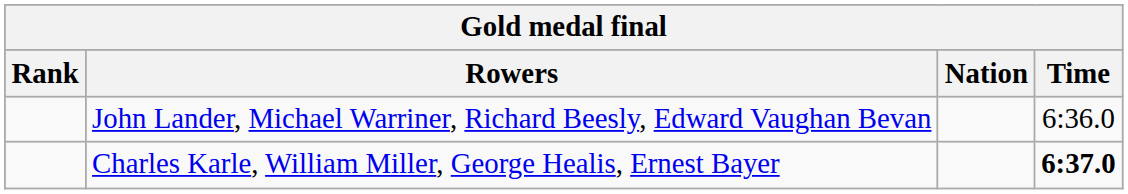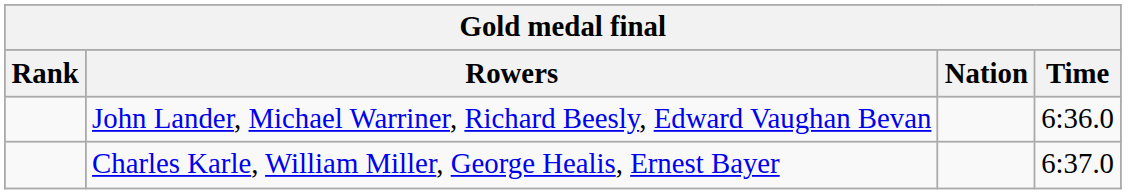 <table class="wikitable" style="text-align:center">
 <tr>
 <th colspan=4 align=center><strong>Gold medal final</strong></th>
 </tr>
 <tr>
 <th>Rank</th>
 <th>Rowers</th>
 <th>Nation</th>
 <th>Time</th>
 </tr>
 <tr>
 <td></td>
 <td align=left><a href='#'>John Lander</a>, <a href='#'>Michael Warriner</a>, <a href='#'>Richard Beesly</a>, <a href='#'>Edward Vaughan Bevan</a></td>
 <td align=left></td>
 <td>6:36.0</td>
 </tr>
 <tr>
 <td></td>
 <td align=left><a href='#'>Charles Karle</a>, <a href='#'>William Miller</a>, <a href='#'>George Healis</a>, <a href='#'>Ernest Bayer</a></td>
 <td align=left></td>
-<td><strong>6:37.0</strong></td>
+<td>6:37.0</td>
 </tr>
 </table>
